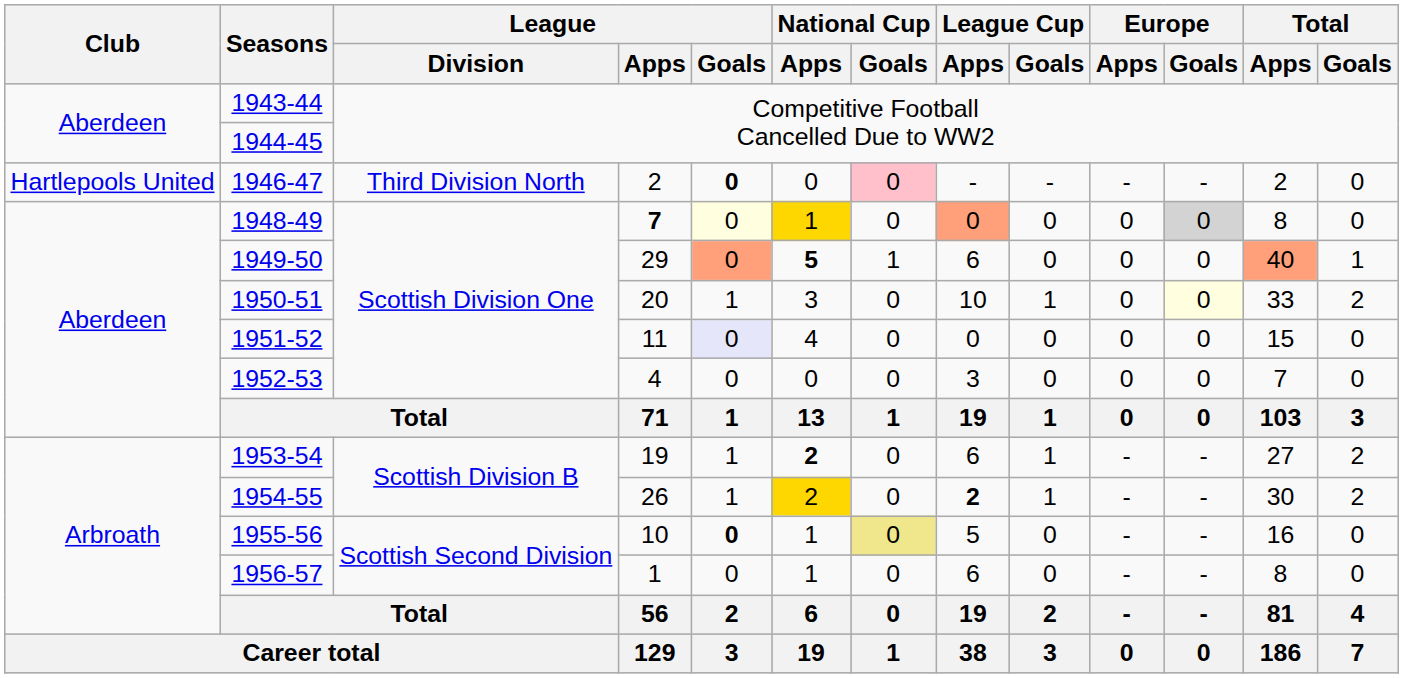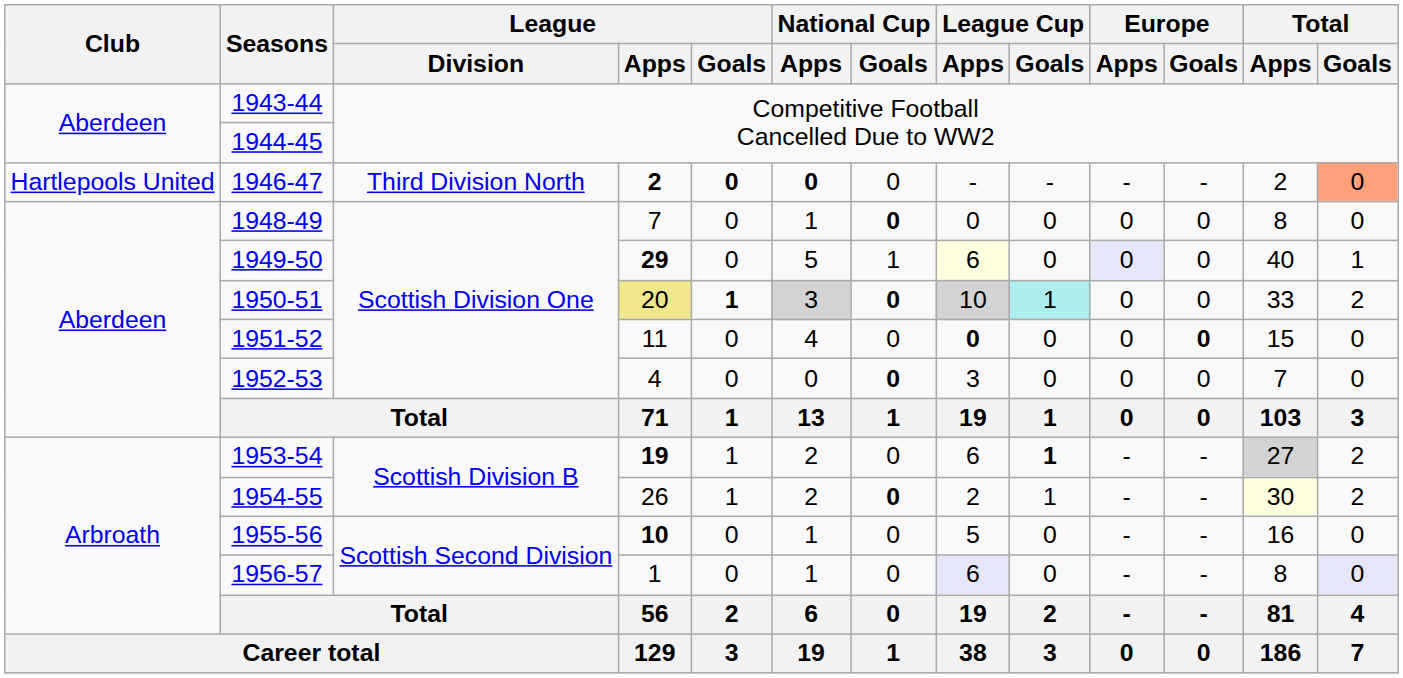 <table class="wikitable" style="text-align:center">
 <tr>
 <th rowspan="2">Club</th>
 <th rowspan="2">Seasons</th>
 <th colspan="3">League</th>
 <th colspan="2">National Cup</th>
 <th colspan="2">League Cup</th>
 <th colspan="2">Europe</th>
 <th colspan="2">Total</th>
 </tr>
 <tr>
 <th>Division</th>
 <th>Apps</th>
 <th>Goals</th>
 <th>Apps</th>
 <th>Goals</th>
 <th>Apps</th>
 <th>Goals</th>
 <th>Apps</th>
 <th>Goals</th>
 <th>Apps</th>
 <th>Goals</th>
 </tr>
 <tr>
 <td rowspan="2"><a href='#'>Aberdeen</a></td>
 <td><a href='#'>1943-44</a></td>
 <td colspan="11" rowspan="2">Competitive Football<br>Cancelled Due to WW2</td>
 </tr>
 <tr>
 <td><a href='#'>1944-45</a></td>
 </tr>
 <tr>
 <td><a href='#'>Hartlepools United</a></td>
 <td><a href='#'>1946-47</a></td>
 <td><a href='#'>Third Division North</a></td>
-<td>2</td>
+<td><strong>2</strong></td>
+<td><strong>0</strong></td>
 <td><strong>0</strong></td>
 <td>0</td>
-<td style="background: pink;">0</td>
 <td>-</td>
 <td>-</td>
 <td>-</td>
 <td>-</td>
 <td>2</td>
-<td>0</td>
+<td style="background: lightsalmon;">0</td>
 </tr>
 <tr>
 <td rowspan="6"><a href='#'>Aberdeen</a></td>
 <td><a href='#'>1948-49</a></td>
 <td rowspan="5"><a href='#'>Scottish Division One</a></td>
-<td><strong>7</strong></td>
-<td style="background: lightyellow;">0</td>
-<td style="background: gold;">1</td>
+<td>7</td>
 <td>0</td>
-<td style="background: lightsalmon;">0</td>
+<td>1</td>
+<td><strong>0</strong></td>
 <td>0</td>
 <td>0</td>
-<td style="background: lightgrey;">0</td>
+<td>0</td>
+<td>0</td>
 <td>8</td>
 <td>0</td>
 </tr>
 <tr>
 <td><a href='#'>1949-50</a></td>
-<td>29</td>
-<td style="background: lightsalmon;">0</td>
-<td><strong>5</strong></td>
+<td><strong>29</strong></td>
+<td>0</td>
+<td>5</td>
 <td>1</td>
-<td>6</td>
+<td style="background: lightyellow;">6</td>
 <td>0</td>
+<td style="background: lavender;">0</td>
 <td>0</td>
-<td>0</td>
-<td style="background: lightsalmon;">40</td>
+<td>40</td>
 <td>1</td>
 </tr>
 <tr>
 <td><a href='#'>1950-51</a></td>
-<td>20</td>
-<td>1</td>
-<td>3</td>
+<td style="background: khaki;">20</td>
+<td><strong>1</strong></td>
+<td style="background: lightgrey;">3</td>
+<td><strong>0</strong></td>
+<td style="background: lightgrey;">10</td>
+<td style="background: paleturquoise;">1</td>
 <td>0</td>
-<td>10</td>
-<td>1</td>
 <td>0</td>
-<td style="background: lightyellow;">0</td>
 <td>33</td>
 <td>2</td>
 </tr>
 <tr>
 <td><a href='#'>1951-52</a></td>
 <td>11</td>
-<td style="background: lavender;">0</td>
+<td>0</td>
 <td>4</td>
 <td>0</td>
+<td><strong>0</strong></td>
 <td>0</td>
 <td>0</td>
-<td>0</td>
-<td>0</td>
+<td><strong>0</strong></td>
 <td>15</td>
 <td>0</td>
 </tr>
 <tr>
 <td><a href='#'>1952-53</a></td>
 <td>4</td>
 <td>0</td>
 <td>0</td>
-<td>0</td>
+<td><strong>0</strong></td>
 <td>3</td>
 <td>0</td>
 <td>0</td>
 <td>0</td>
 <td>7</td>
 <td>0</td>
 </tr>
 <tr>
 <th colspan="2">Total</th>
 <th>71</th>
 <th>1</th>
 <th>13</th>
 <th>1</th>
 <th>19</th>
 <th>1</th>
 <th>0</th>
 <th>0</th>
 <th>103</th>
 <th>3</th>
 </tr>
 <tr>
 <td rowspan="5"><a href='#'>Arbroath</a></td>
 <td><a href='#'>1953-54</a></td>
 <td rowspan="2"><a href='#'>Scottish Division B</a></td>
-<td>19</td>
+<td><strong>19</strong></td>
 <td>1</td>
-<td><strong>2</strong></td>
+<td>2</td>
 <td>0</td>
 <td>6</td>
-<td>1</td>
+<td><strong>1</strong></td>
 <td>-</td>
 <td>-</td>
-<td>27</td>
+<td style="background: lightgrey;">27</td>
 <td>2</td>
 </tr>
 <tr>
 <td><a href='#'>1954-55</a></td>
 <td>26</td>
 <td>1</td>
-<td style="background: gold;">2</td>
-<td>0</td>
-<td><strong>2</strong></td>
+<td>2</td>
+<td><strong>0</strong></td>
+<td>2</td>
 <td>1</td>
 <td>-</td>
 <td>-</td>
-<td>30</td>
+<td style="background: lightyellow;">30</td>
 <td>2</td>
 </tr>
 <tr>
 <td><a href='#'>1955-56</a></td>
 <td rowspan="2"><a href='#'>Scottish Second Division</a></td>
-<td>10</td>
-<td><strong>0</strong></td>
+<td><strong>10</strong></td>
+<td>0</td>
 <td>1</td>
-<td style="background: khaki;">0</td>
+<td>0</td>
 <td>5</td>
 <td>0</td>
 <td>-</td>
 <td>-</td>
 <td>16</td>
 <td>0</td>
 </tr>
 <tr>
 <td><a href='#'>1956-57</a></td>
 <td>1</td>
 <td>0</td>
 <td>1</td>
 <td>0</td>
-<td>6</td>
+<td style="background: lavender;">6</td>
 <td>0</td>
 <td>-</td>
 <td>-</td>
 <td>8</td>
-<td>0</td>
+<td style="background: lavender;">0</td>
 </tr>
 <tr>
 <th colspan="2">Total</th>
 <th>56</th>
 <th>2</th>
 <th>6</th>
 <th>0</th>
 <th>19</th>
 <th>2</th>
 <th>-</th>
 <th>-</th>
 <th>81</th>
 <th>4</th>
 </tr>
 <tr>
 <th colspan="3">Career total</th>
 <th>129</th>
 <th>3</th>
 <th>19</th>
 <th>1</th>
 <th>38</th>
 <th>3</th>
 <th>0</th>
 <th>0</th>
 <th>186</th>
 <th>7</th>
 </tr>
 </table>
